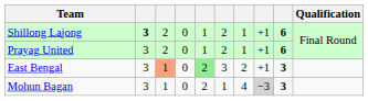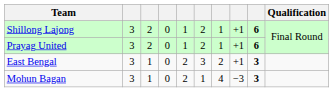 <table class="wikitable" style="text-align:center">
 <tr>
 <th width="175">Team</th>
 <th width="20"></th>
 <th width="20"></th>
 <th width="20"></th>
 <th width="20"></th>
 <th width="20"></th>
 <th width="20"></th>
 <th width="20"></th>
 <th width="20"></th>
 <th width="20">Qualification</th>
 </tr>
 <tr bgcolor="#ccffcc">
 <td align=left><a href='#'>Shillong Lajong</a></td>
-<td><strong>3</strong></td>
+<td>3</td>
 <td>2</td>
 <td>0</td>
 <td>1</td>
 <td>2</td>
 <td>1</td>
 <td>+1</td>
 <td><strong>6</strong></td>
 <td rowspan=2>Final Round</td>
 </tr>
 <tr bgcolor="#ccffcc">
 <td align=left><a href='#'>Prayag United</a></td>
 <td>3</td>
 <td>2</td>
 <td>0</td>
 <td>1</td>
 <td>2</td>
 <td>1</td>
 <td>+1</td>
 <td><strong>6</strong></td>
 </tr>
 <tr>
 <td align=left><a href='#'>East Bengal</a></td>
 <td>3</td>
-<td style="background: lightsalmon;">1</td>
+<td>1</td>
 <td>0</td>
-<td style="background: lightgreen;">2</td>
+<td>2</td>
 <td>3</td>
 <td>2</td>
 <td>+1</td>
 <td><strong>3</strong></td>
 <td></td>
 </tr>
 <tr>
 <td align=left><a href='#'>Mohun Bagan</a></td>
 <td>3</td>
 <td>1</td>
 <td>0</td>
 <td>2</td>
 <td>1</td>
 <td>4</td>
-<td style="background: lightgrey;">−3</td>
+<td>−3</td>
 <td><strong>3</strong></td>
 <td></td>
 </tr>
 </table>
